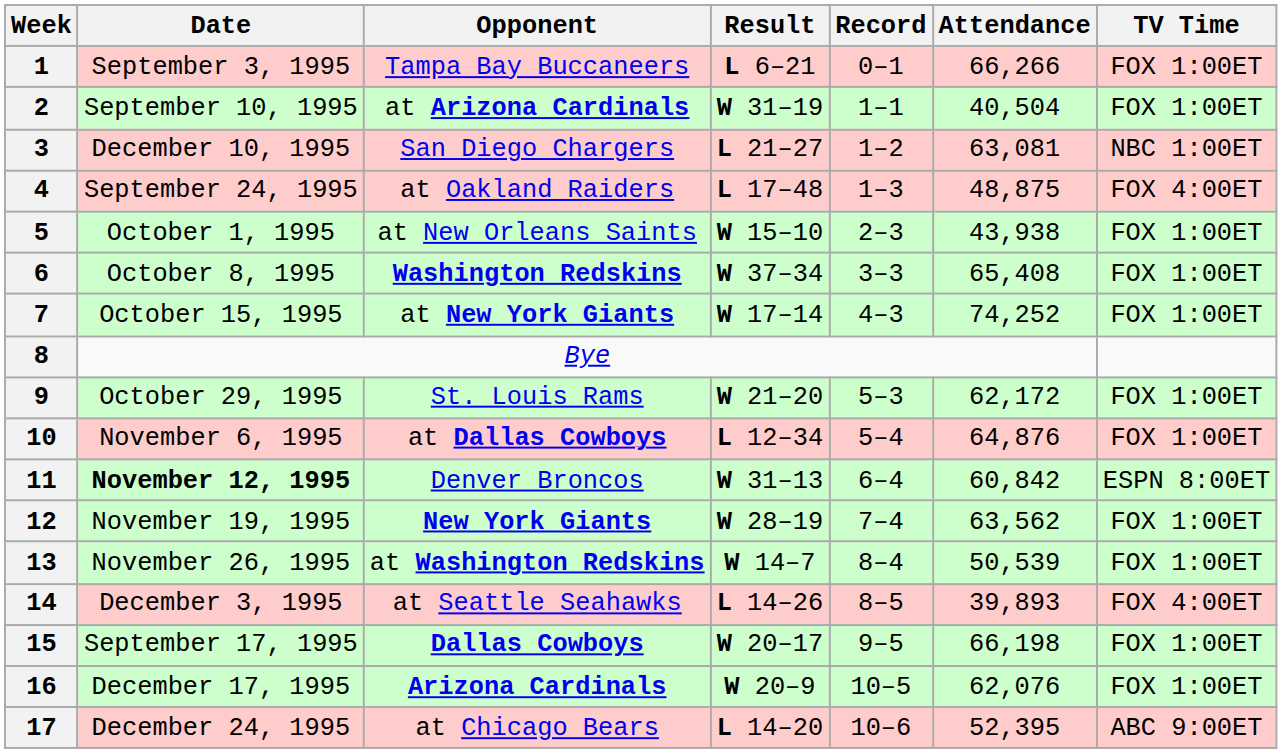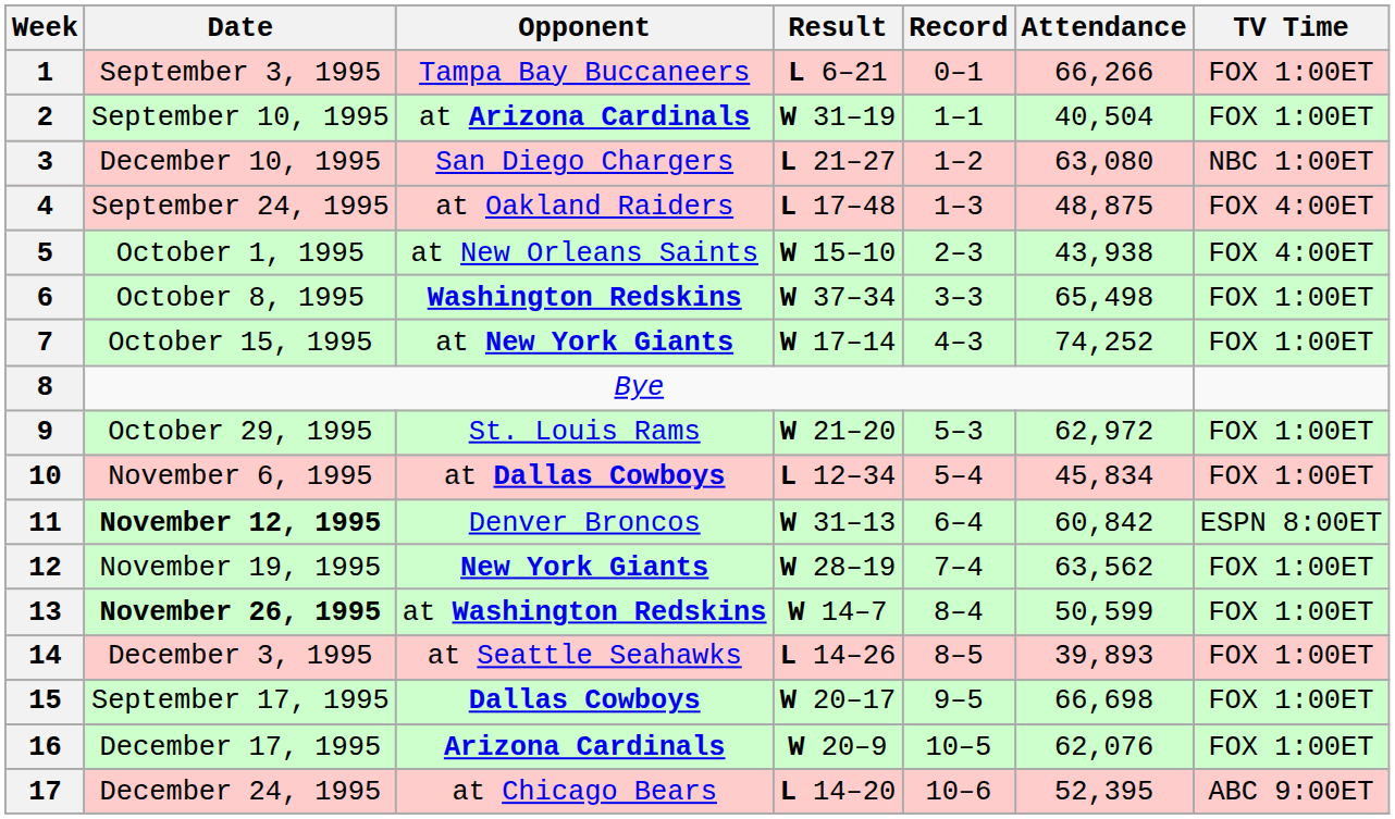 <table class="wikitable" style="text-align:center">
 <tr>
 <th>Week</th>
 <th>Date</th>
 <th>Opponent</th>
 <th>Result</th>
 <th>Record</th>
 <th>Attendance</th>
 <th>TV Time</th>
 </tr>
 <tr style="background: #fcc">
 <th>1</th>
 <td>September 3, 1995</td>
 <td><a href='#'>Tampa Bay Buccaneers</a></td>
 <td><strong>L</strong> 6–21</td>
 <td>0–1</td>
 <td>66,266</td>
 <td>FOX 1:00ET</td>
 </tr>
 <tr style="background: #cfc">
 <th>2</th>
 <td>September 10, 1995</td>
 <td>at <strong><a href='#'>Arizona Cardinals</a></strong></td>
 <td><strong>W</strong> 31–19</td>
 <td>1–1</td>
 <td>40,504</td>
 <td>FOX 1:00ET</td>
 </tr>
 <tr style="background: #fcc">
 <th>3</th>
 <td>December 10, 1995</td>
 <td><a href='#'>San Diego Chargers</a></td>
 <td><strong>L</strong> 21–27</td>
 <td>1–2</td>
-<td>63,081</td>
+<td>63,080</td>
 <td>NBC 1:00ET</td>
 </tr>
 <tr style="background: #fcc">
 <th>4</th>
 <td>September 24, 1995</td>
 <td>at <a href='#'>Oakland Raiders</a></td>
 <td><strong>L</strong> 17–48</td>
 <td>1–3</td>
 <td>48,875</td>
 <td>FOX 4:00ET</td>
 </tr>
 <tr style="background: #cfc">
 <th>5</th>
 <td>October 1, 1995</td>
 <td>at <a href='#'>New Orleans Saints</a></td>
 <td><strong>W</strong> 15–10</td>
 <td>2–3</td>
 <td>43,938</td>
-<td>FOX 1:00ET</td>
+<td>FOX 4:00ET</td>
 </tr>
 <tr style="background: #cfc">
 <th>6</th>
 <td>October 8, 1995</td>
 <td><strong><a href='#'>Washington Redskins</a></strong></td>
 <td><strong>W</strong> 37–34 </td>
 <td>3–3</td>
-<td>65,408</td>
+<td>65,498</td>
 <td>FOX 1:00ET</td>
 </tr>
 <tr style="background: #cfc">
 <th>7</th>
 <td>October 15, 1995</td>
 <td>at <strong><a href='#'>New York Giants</a></strong></td>
 <td><strong>W</strong> 17–14</td>
 <td>4–3</td>
 <td>74,252</td>
 <td>FOX 1:00ET</td>
 </tr>
 <tr>
 <th>8</th>
 <td colspan="5" style="text-align:center;"><em><a href='#'>Bye</a></em></td>
 </tr>
 <tr style="background: #cfc">
 <th>9</th>
 <td>October 29, 1995</td>
 <td><a href='#'>St. Louis Rams</a></td>
 <td><strong>W</strong> 21–20</td>
 <td>5–3</td>
-<td>62,172</td>
+<td>62,972</td>
 <td>FOX 1:00ET</td>
 </tr>
 <tr style="background: #fcc">
 <th>10</th>
 <td>November 6, 1995</td>
 <td>at <strong><a href='#'>Dallas Cowboys</a></strong></td>
 <td><strong>L</strong> 12–34</td>
 <td>5–4</td>
-<td>64,876</td>
+<td>45,834</td>
 <td>FOX 1:00ET</td>
 </tr>
 <tr style="background: #cfc">
 <th>11</th>
 <td><strong>November 12, 1995</strong></td>
 <td><a href='#'>Denver Broncos</a></td>
 <td><strong>W</strong> 31–13</td>
 <td>6–4</td>
 <td>60,842</td>
 <td>ESPN 8:00ET</td>
 </tr>
 <tr style="background: #cfc">
 <th>12</th>
 <td>November 19, 1995</td>
 <td><strong><a href='#'>New York Giants</a></strong></td>
 <td><strong>W</strong> 28–19</td>
 <td>7–4</td>
 <td>63,562</td>
 <td>FOX 1:00ET</td>
 </tr>
 <tr style="background: #cfc">
 <th>13</th>
-<td>November 26, 1995</td>
+<td><strong>November 26, 1995</strong></td>
 <td>at <strong><a href='#'>Washington Redskins</a></strong></td>
 <td><strong>W</strong> 14–7</td>
 <td>8–4</td>
-<td>50,539</td>
+<td>50,599</td>
 <td>FOX 1:00ET</td>
 </tr>
 <tr style="background: #fcc">
 <th>14</th>
 <td>December 3, 1995</td>
 <td>at <a href='#'>Seattle Seahawks</a></td>
 <td><strong>L</strong> 14–26</td>
 <td>8–5</td>
 <td>39,893</td>
-<td>FOX 4:00ET</td>
+<td>FOX 1:00ET</td>
 </tr>
 <tr style="background: #cfc">
 <th>15</th>
 <td>September 17, 1995</td>
 <td><strong><a href='#'>Dallas Cowboys</a></strong></td>
 <td><strong>W</strong> 20–17</td>
 <td>9–5</td>
-<td>66,198</td>
+<td>66,698</td>
 <td>FOX 1:00ET</td>
 </tr>
 <tr style="background: #cfc">
 <th>16</th>
 <td>December 17, 1995</td>
 <td><strong><a href='#'>Arizona Cardinals</a></strong></td>
 <td><strong>W</strong> 20–9</td>
 <td>10–5</td>
 <td>62,076</td>
 <td>FOX 1:00ET</td>
 </tr>
 <tr style="background: #fcc">
 <th>17</th>
 <td>December 24, 1995</td>
 <td>at <a href='#'>Chicago Bears</a></td>
 <td><strong>L</strong> 14–20</td>
 <td>10–6</td>
 <td>52,395</td>
 <td>ABC 9:00ET</td>
 </tr>
 </table>
